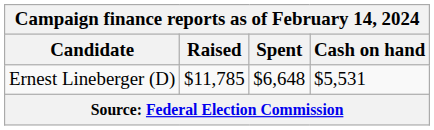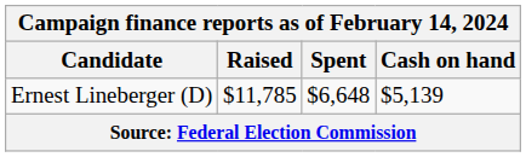 <table class="wikitable sortable">
 <tr>
 <th colspan=4>Campaign finance reports as of February 14, 2024</th>
 </tr>
 <tr style="text-align:center;">
 <th>Candidate</th>
 <th>Raised</th>
 <th>Spent</th>
 <th>Cash on hand</th>
 </tr>
 <tr>
 <td style="color:black;background-color:">Ernest Lineberger (D)</td>
 <td>$11,785</td>
 <td>$6,648</td>
-<td>$5,531</td>
+<td>$5,139</td>
 </tr>
 <tr>
 <th colspan="4"><small>Source: <a href='#'>Federal Election Commission</a></small></th>
 </tr>
 </table>
